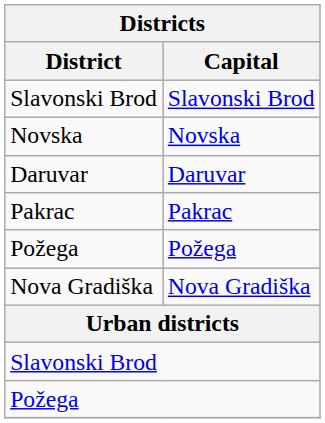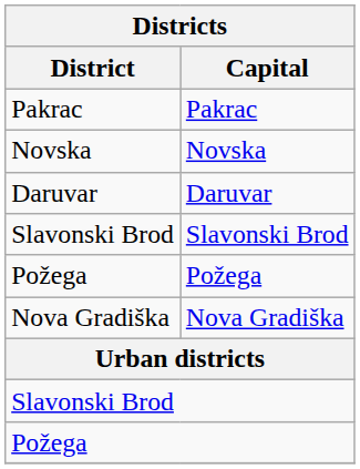 <table class="wikitable">
 <tr>
 <th colspan=2>Districts</th>
 </tr>
 <tr>
 <th>District</th>
 <th>Capital</th>
 </tr>
 <tr>
-<td>Slavonski Brod</td>
-<td><a href='#'>Slavonski Brod</a></td>
+<td>Pakrac</td>
+<td><a href='#'>Pakrac</a></td>
 </tr>
 <tr>
 <td>Novska</td>
 <td><a href='#'>Novska</a></td>
 </tr>
 <tr>
 <td>Daruvar</td>
 <td><a href='#'>Daruvar</a></td>
 </tr>
 <tr>
-<td>Pakrac</td>
-<td><a href='#'>Pakrac</a></td>
+<td>Slavonski Brod</td>
+<td><a href='#'>Slavonski Brod</a></td>
 </tr>
 <tr>
 <td>Požega</td>
 <td><a href='#'>Požega</a></td>
 </tr>
 <tr>
 <td>Nova Gradiška</td>
 <td><a href='#'>Nova Gradiška</a></td>
 </tr>
 <tr>
 <th colspan=2>Urban districts</th>
 </tr>
 <tr>
 <td colspan=2><a href='#'>Slavonski Brod</a></td>
 </tr>
 <tr>
 <td colspan=2><a href='#'>Požega</a></td>
 </tr>
 <tr>
 </tr>
 </table>
